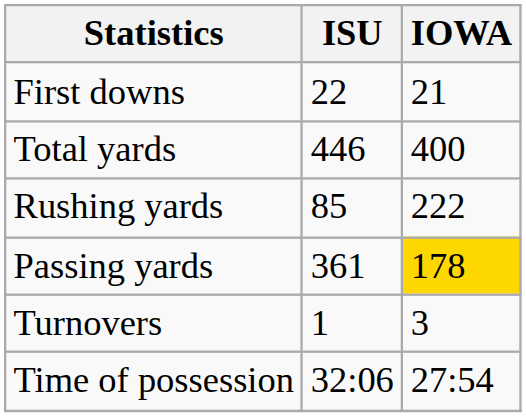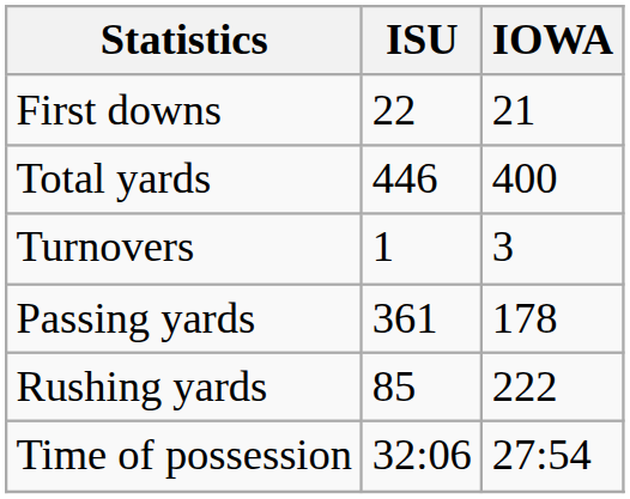 <table class="wikitable">
 <tr>
 <th>Statistics</th>
 <th>ISU</th>
 <th>IOWA</th>
 </tr>
 <tr>
 <td>First downs</td>
 <td>22</td>
 <td>21</td>
 </tr>
 <tr>
 <td>Total yards</td>
 <td>446</td>
 <td>400</td>
 </tr>
 <tr>
-<td>Rushing yards</td>
-<td>85</td>
-<td>222</td>
+<td>Turnovers</td>
+<td>1</td>
+<td>3</td>
 </tr>
 <tr>
 <td>Passing yards</td>
 <td>361</td>
-<td style="background: gold;">178</td>
+<td>178</td>
 </tr>
 <tr>
-<td>Turnovers</td>
-<td>1</td>
-<td>3</td>
+<td>Rushing yards</td>
+<td>85</td>
+<td>222</td>
 </tr>
 <tr>
 <td>Time of possession</td>
 <td>32:06</td>
 <td>27:54</td>
 </tr>
 <tr>
 </tr>
 </table>
